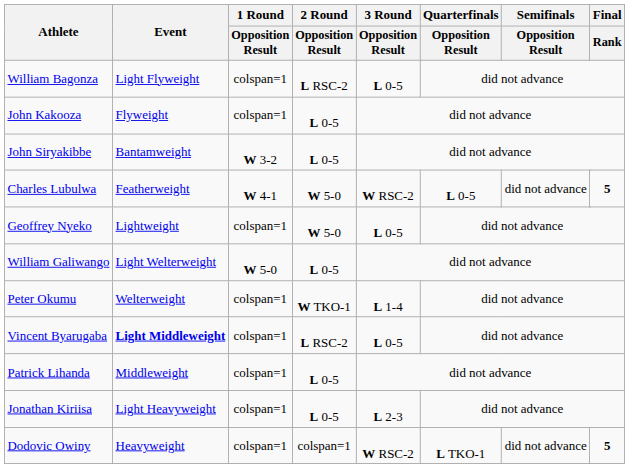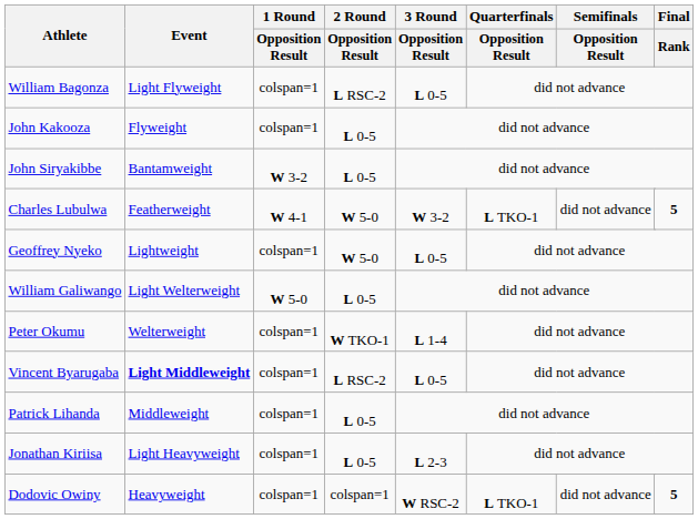 <table class="wikitable" style="font-size:90%">
 <tr>
 <th rowspan="2">Athlete</th>
 <th rowspan="2">Event</th>
 <th>1 Round</th>
 <th>2 Round</th>
 <th>3 Round</th>
 <th>Quarterfinals</th>
 <th>Semifinals</th>
 <th colspan=2>Final</th>
 </tr>
 <tr style="font-size:95%">
 <th>Opposition<br>Result</th>
 <th>Opposition<br>Result</th>
 <th>Opposition<br>Result</th>
 <th>Opposition<br>Result</th>
 <th>Opposition<br>Result</th>
 <th colspan=2>Rank</th>
 </tr>
 <tr align=center>
 <td align=left><a href='#'>William Bagonza</a></td>
 <td align=left><a href='#'>Light Flyweight</a></td>
 <td>colspan=1 </td>
 <td><br><strong>L</strong> RSC-2</td>
 <td><br><strong>L</strong> 0-5</td>
 <td colspan=5>did not advance</td>
 </tr>
 <tr align=center>
 <td align=left><a href='#'>John Kakooza</a></td>
 <td align=left><a href='#'>Flyweight</a></td>
 <td>colspan=1 </td>
 <td><br><strong>L</strong> 0-5</td>
 <td colspan=5>did not advance</td>
 </tr>
 <tr align=center>
 <td align=left><a href='#'>John Siryakibbe</a></td>
 <td align=left><a href='#'>Bantamweight</a></td>
 <td><br><strong>W</strong> 3-2</td>
 <td><br><strong>L</strong> 0-5</td>
 <td colspan=5>did not advance</td>
 </tr>
 <tr align=center>
 <td align=left><a href='#'>Charles Lubulwa</a></td>
 <td align=left><a href='#'>Featherweight</a></td>
 <td><br><strong>W</strong> 4-1</td>
 <td><br><strong>W</strong> 5-0</td>
-<td><br><strong>W</strong> RSC-2</td>
-<td><br><strong>L</strong> 0-5</td>
+<td><br><strong>W</strong> 3-2</td>
+<td><br><strong>L</strong> TKO-1</td>
 <td colspan=2>did not advance</td>
 <td><strong>5</strong></td>
 </tr>
 <tr align=center>
 <td align=left><a href='#'>Geoffrey Nyeko</a></td>
 <td align=left><a href='#'>Lightweight</a></td>
 <td>colspan=1 </td>
 <td><br><strong>W</strong> 5-0</td>
 <td><br><strong>L</strong> 0-5</td>
 <td colspan=5>did not advance</td>
 </tr>
 <tr align=center>
 <td align=left><a href='#'>William Galiwango</a></td>
 <td align=left><a href='#'>Light Welterweight</a></td>
 <td><br><strong>W</strong> 5-0</td>
 <td><br><strong>L</strong> 0-5</td>
 <td colspan=6>did not advance</td>
 </tr>
 <tr align=center>
 <td align=left><a href='#'>Peter Okumu</a></td>
 <td align=left><a href='#'>Welterweight</a></td>
 <td>colspan=1 </td>
 <td><br><strong>W</strong> TKO-1</td>
 <td><br><strong>L</strong> 1-4</td>
 <td colspan=6>did not advance</td>
 </tr>
 <tr align=center>
 <td align=left><a href='#'>Vincent Byarugaba</a></td>
 <td align=left><strong><a href='#'>Light Middleweight</a></strong></td>
 <td>colspan=1 </td>
 <td><br><strong>L</strong> RSC-2</td>
 <td><br><strong>L</strong> 0-5</td>
 <td colspan=5>did not advance</td>
 </tr>
 <tr align=center>
 <td align=left><a href='#'>Patrick Lihanda</a></td>
 <td align=left><a href='#'>Middleweight</a></td>
 <td>colspan=1 </td>
 <td><br><strong>L</strong> 0-5</td>
 <td colspan=5>did not advance</td>
 </tr>
 <tr align=center>
 <td align=left><a href='#'>Jonathan Kiriisa</a></td>
 <td align=left><a href='#'>Light Heavyweight</a></td>
 <td>colspan=1 </td>
 <td><br><strong>L</strong> 0-5</td>
 <td><br><strong>L</strong> 2-3</td>
 <td colspan=5>did not advance</td>
 </tr>
 <tr align=center>
 <td align=left><a href='#'>Dodovic Owiny</a></td>
 <td align=left><a href='#'>Heavyweight</a></td>
 <td>colspan=1 </td>
 <td>colspan=1 </td>
 <td><br><strong>W</strong> RSC-2</td>
 <td><br><strong>L</strong> TKO-1</td>
 <td colspan=2>did not advance</td>
 <td><strong>5</strong></td>
 </tr>
 </table>
